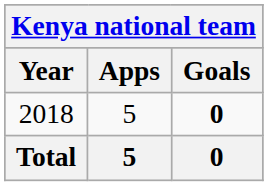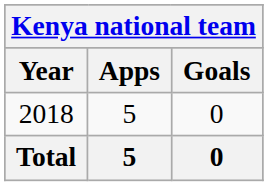 <table class="wikitable" style="text-align:center">
 <tr>
 <th colspan=3><a href='#'>Kenya national team</a></th>
 </tr>
 <tr>
 <th>Year</th>
 <th>Apps</th>
 <th>Goals</th>
 </tr>
 <tr>
 <td>2018</td>
 <td>5</td>
-<td><strong>0</strong></td>
+<td>0</td>
 </tr>
 <tr>
 <th>Total</th>
 <th>5</th>
 <th>0</th>
 </tr>
 </table>
